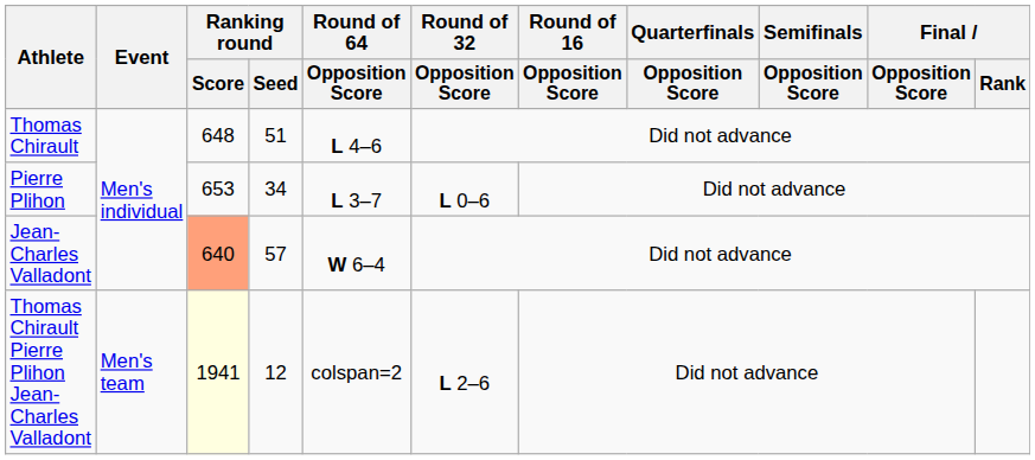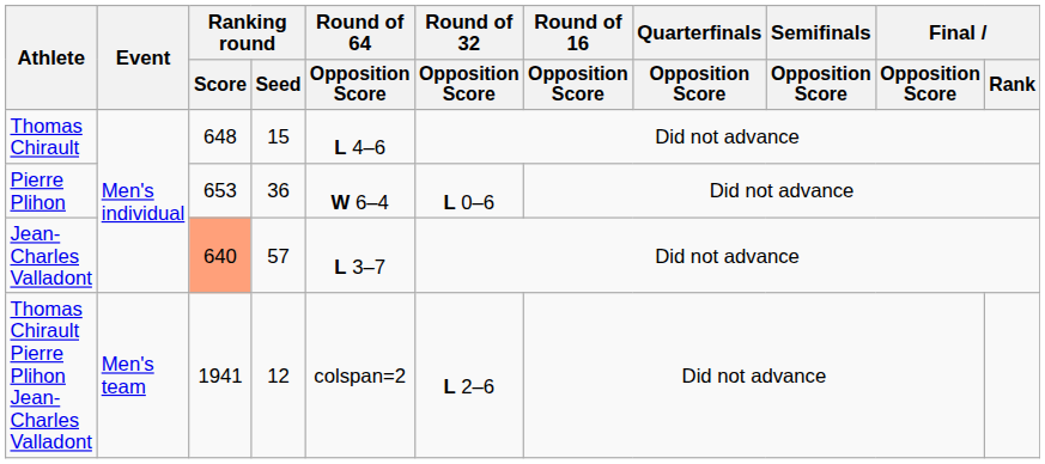 <table class="wikitable" style="font-size:90%">
 <tr>
 <th rowspan=2>Athlete</th>
 <th rowspan=2>Event</th>
 <th colspan="2">Ranking round</th>
 <th>Round of 64</th>
 <th>Round of 32</th>
 <th>Round of 16</th>
 <th>Quarterfinals</th>
 <th>Semifinals</th>
 <th colspan="2">Final / </th>
 </tr>
 <tr style="font-size:95%">
 <th>Score</th>
 <th>Seed</th>
 <th>Opposition<br>Score</th>
 <th>Opposition<br>Score</th>
 <th>Opposition<br>Score</th>
 <th>Opposition<br>Score</th>
 <th>Opposition<br>Score</th>
 <th>Opposition<br>Score</th>
 <th>Rank</th>
 </tr>
 <tr align=center>
 <td align=left><a href='#'>Thomas Chirault</a></td>
 <td align=left rowspan=3><a href='#'>Men's individual</a></td>
 <td>648</td>
-<td>51</td>
+<td>15</td>
 <td><br><strong>L</strong> 4–6</td>
 <td colspan=6>Did not advance</td>
 </tr>
 <tr align=center>
 <td align=left><a href='#'>Pierre Plihon</a></td>
 <td>653</td>
-<td>34</td>
-<td><br><strong>L</strong> 3–7</td>
+<td>36</td>
+<td><br><strong>W</strong> 6–4</td>
 <td><br><strong>L</strong> 0–6</td>
 <td colspan=5>Did not advance</td>
 </tr>
 <tr align=center>
 <td align=left><a href='#'>Jean-Charles Valladont</a></td>
 <td style="background: lightsalmon;">640</td>
 <td>57</td>
-<td><br><strong>W</strong> 6–4</td>
+<td><br><strong>L</strong> 3–7</td>
 <td colspan=6>Did not advance</td>
 </tr>
 <tr align=center>
 <td align=left><a href='#'>Thomas Chirault</a><br><a href='#'>Pierre Plihon</a><br><a href='#'>Jean-Charles Valladont</a></td>
 <td align=left><a href='#'>Men's team</a></td>
-<td style="background: lightyellow;">1941</td>
+<td>1941</td>
 <td>12</td>
 <td>colspan=2 </td>
 <td><br><strong>L</strong> 2–6</td>
 <td colspan=4>Did not advance</td>
 </tr>
 </table>
